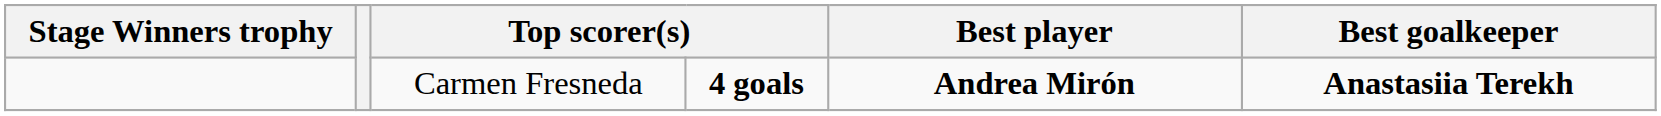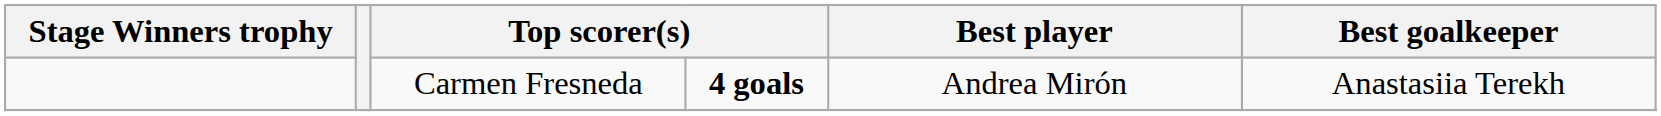 <table class="wikitable" style="text-align: center; font-size: 97%;">
 <tr>
 <th width=160>Stage Winners trophy</th>
 <th rowspan=2></th>
 <th colspan=2 width=210>Top scorer(s)</th>
 <th width=190>Best player</th>
 <th width=190>Best goalkeeper</th>
 </tr>
 <tr align=center style="background:">
 <td style="text-align:center;"></td>
 <td> Carmen Fresneda</td>
 <td><strong>4 goals</strong></td>
-<td><strong> Andrea Mirón</strong></td>
-<td><strong> Anastasiia Terekh</strong></td>
+<td> Andrea Mirón</td>
+<td> Anastasiia Terekh</td>
 </tr>
 </table>
